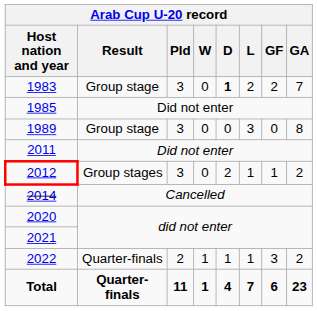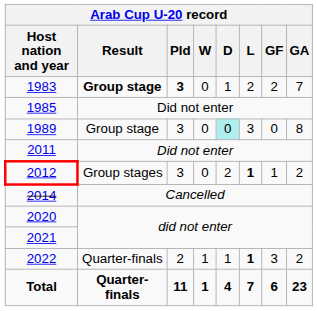 <table class="wikitable" style="text-align: center">
 <tr>
 <th colspan=8><a href='#'>Arab Cup U-20</a> record</th>
 </tr>
 <tr>
 <th width=80>Host nation and year</th>
 <th width=100>Result</th>
 <th width=20>Pld</th>
 <th width=20>W</th>
 <th width=20>D</th>
 <th width=20>L</th>
 <th width=20>GF</th>
 <th width=20>GA</th>
 </tr>
 <tr>
 <td> <a href='#'>1983</a></td>
-<td>Group stage</td>
-<td>3</td>
+<td><strong>Group stage</strong></td>
+<td><strong>3</strong></td>
 <td>0</td>
-<td><strong>1</strong></td>
+<td>1</td>
 <td>2</td>
 <td>2</td>
 <td>7</td>
 </tr>
 <tr>
 <td> <a href='#'>1985</a></td>
 <td colspan="7">Did not enter</td>
 </tr>
 <tr>
 <td> <a href='#'>1989</a></td>
 <td>Group stage</td>
 <td>3</td>
 <td>0</td>
-<td>0</td>
+<td style="background: paleturquoise;">0</td>
 <td>3</td>
 <td>0</td>
 <td>8</td>
 </tr>
 <tr>
 <td> <a href='#'>2011</a></td>
 <td colspan=7 rowspan=1><em>Did not enter</em></td>
 </tr>
 <tr>
 <td style="border: 3px solid red"> <a href='#'>2012</a></td>
 <td>Group stages</td>
 <td>3</td>
 <td>0</td>
 <td>2</td>
-<td>1</td>
+<td><strong>1</strong></td>
 <td>1</td>
 <td>2</td>
 </tr>
 <tr>
 <td> <s><a href='#'>2014</a></s></td>
 <td colspan=7><em>Cancelled</em></td>
 </tr>
 <tr>
 <td> <a href='#'>2020</a></td>
 <td colspan=7 rowspan=2><em>did not enter</em></td>
 </tr>
 <tr>
 <td> <a href='#'>2021</a></td>
 </tr>
 <tr>
 <td> <a href='#'>2022</a></td>
 <td>Quarter-finals</td>
 <td>2</td>
 <td>1</td>
 <td>1</td>
-<td>1</td>
+<td><strong>1</strong></td>
 <td>3</td>
 <td>2</td>
 </tr>
 <tr>
 <td><strong>Total</strong></td>
 <td><strong>Quarter-finals</strong></td>
 <td><strong>11</strong></td>
 <td><strong>1</strong></td>
 <td><strong>4</strong></td>
 <td><strong>7</strong></td>
 <td><strong>6</strong></td>
 <td><strong>23</strong></td>
 </tr>
 </table>
